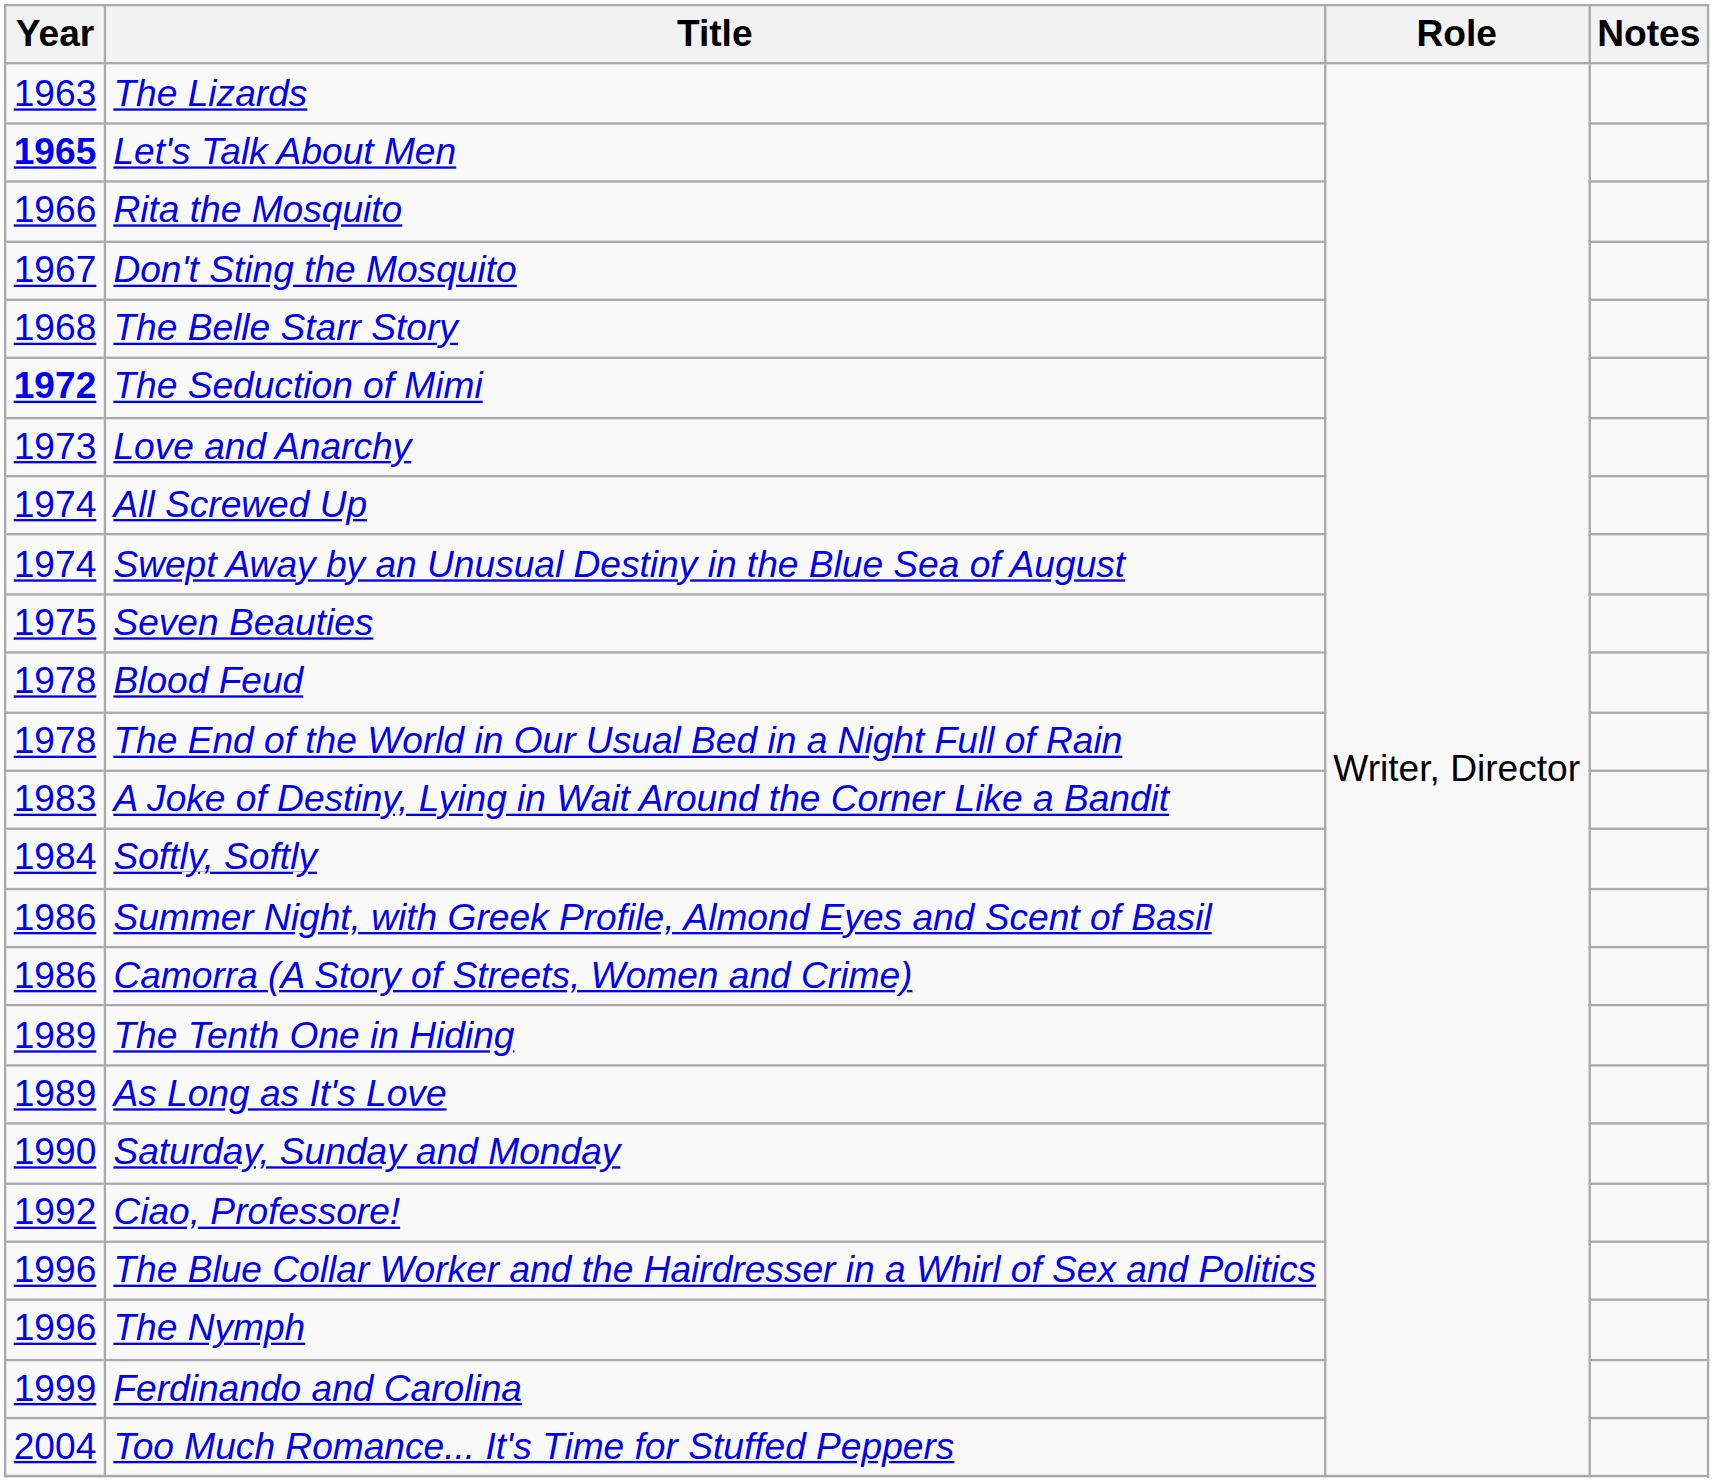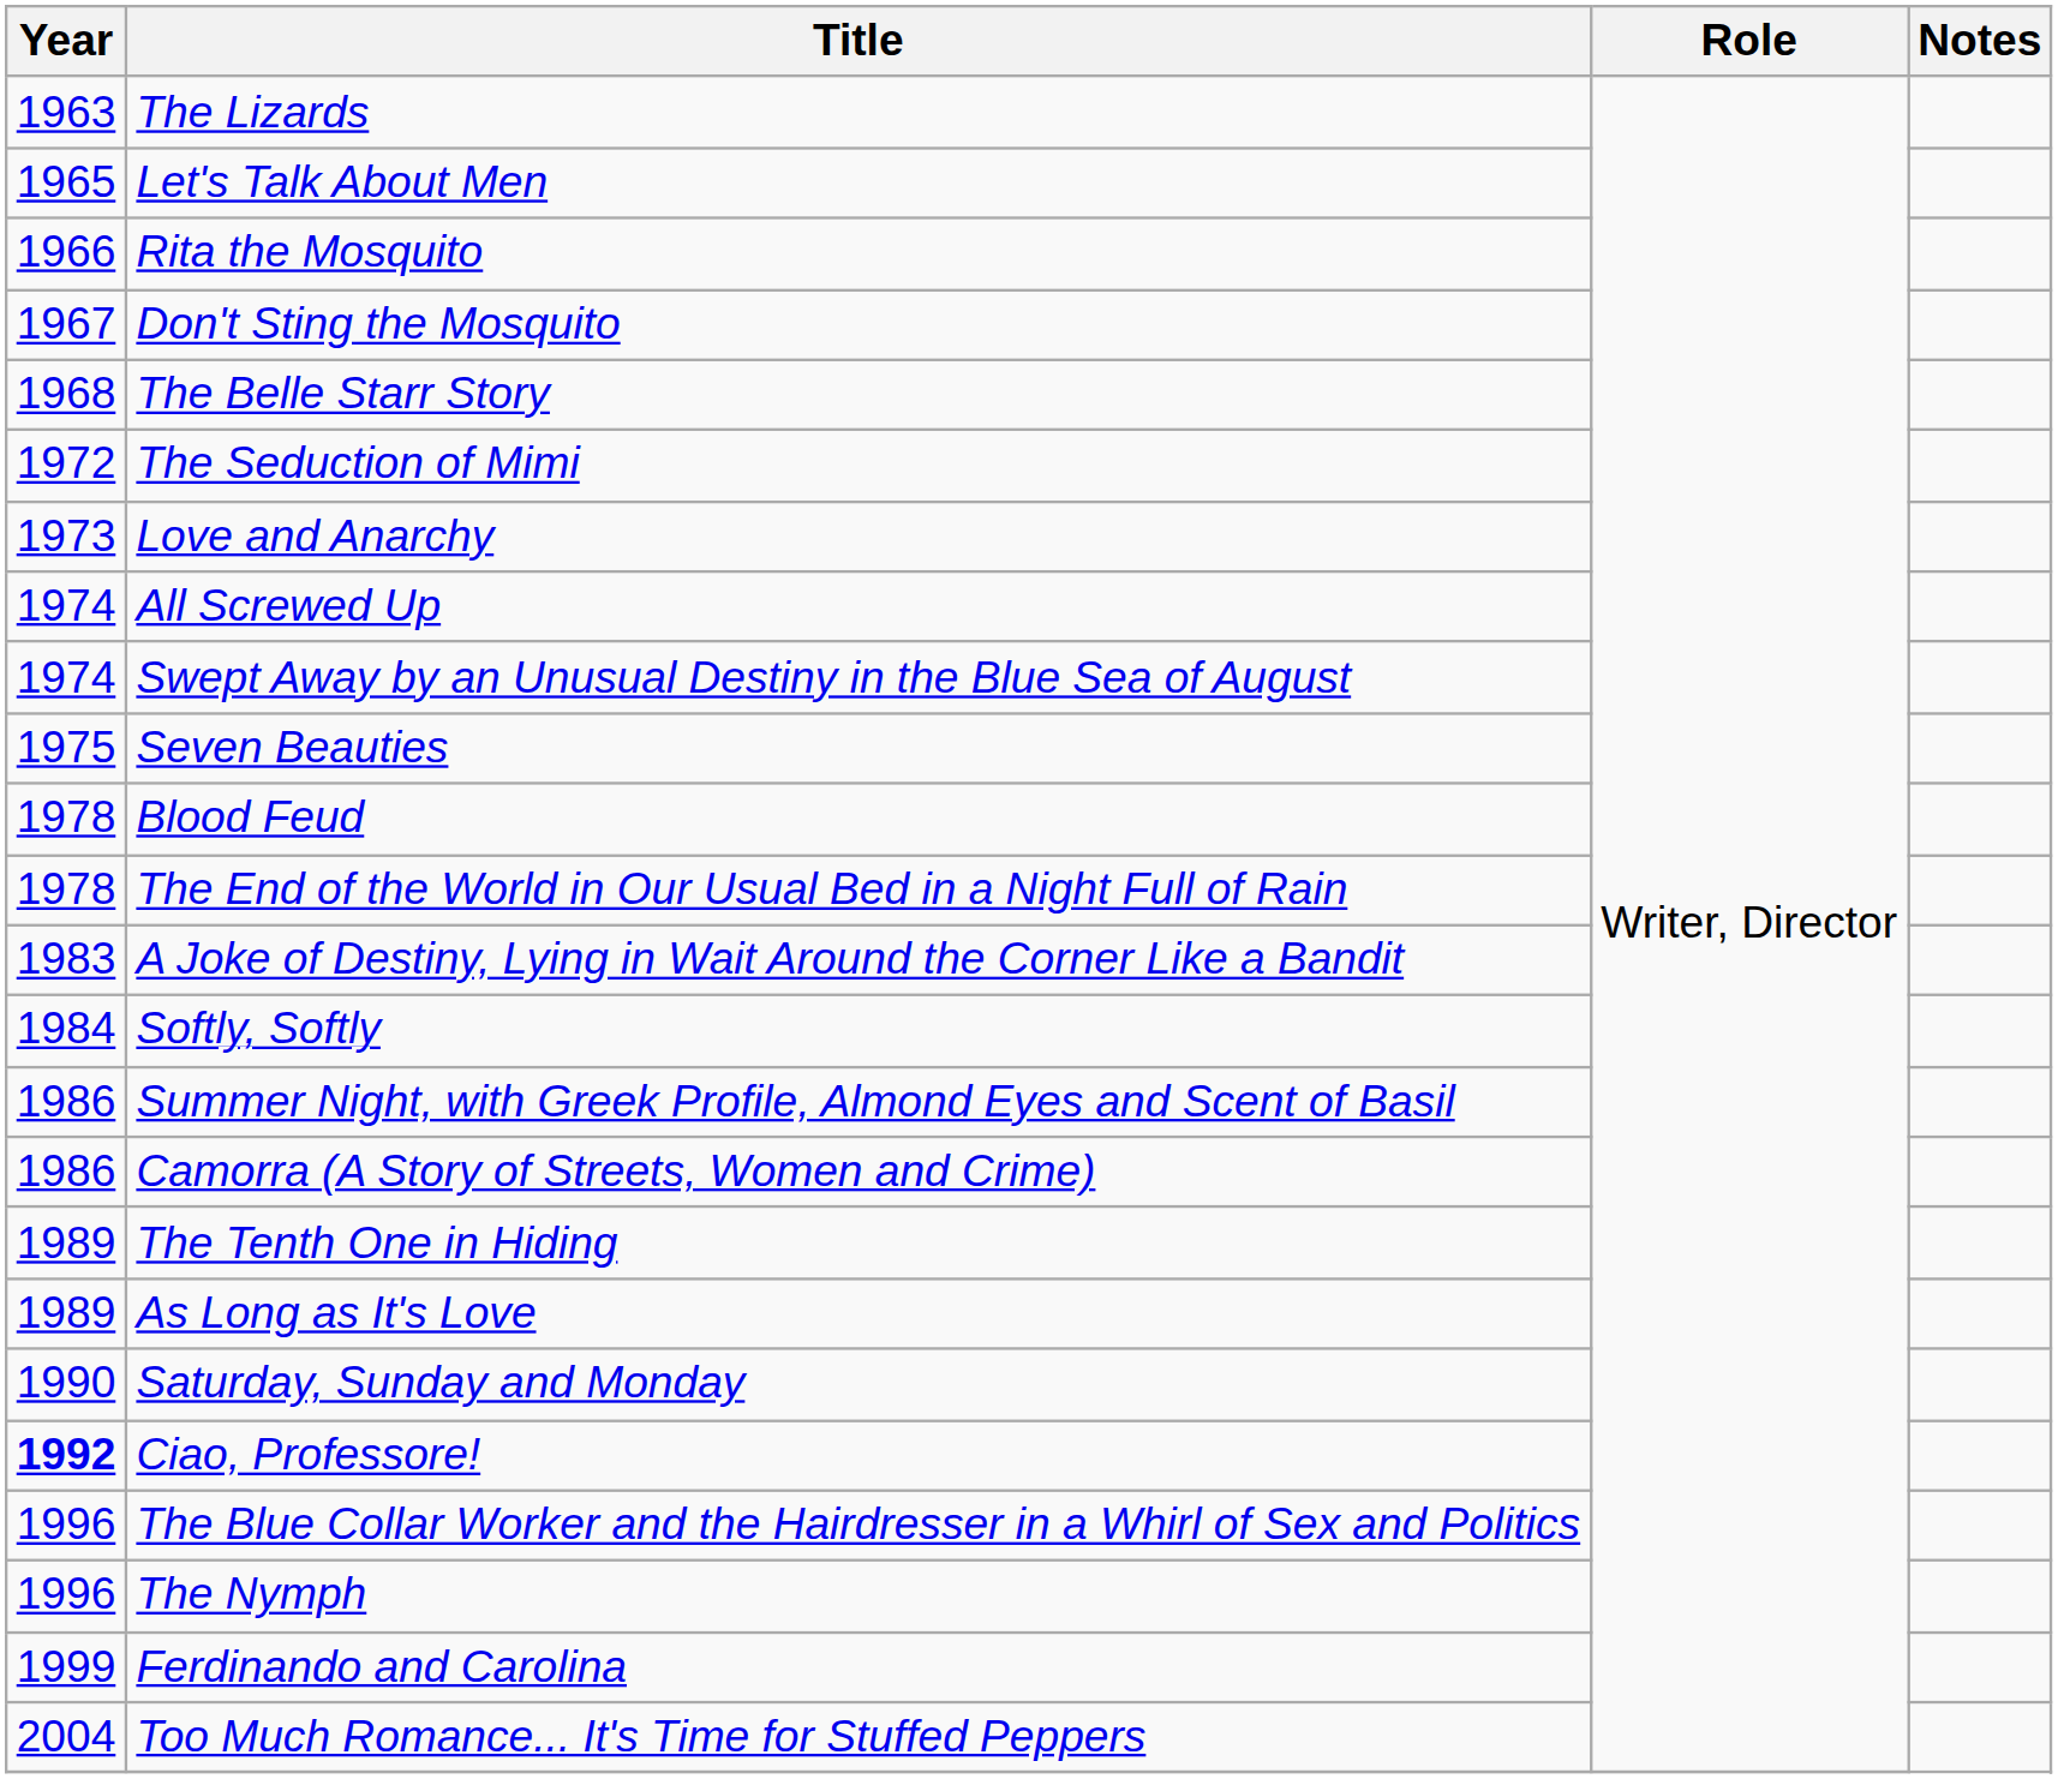 <table class="wikitable">
 <tr>
 <th>Year</th>
 <th>Title</th>
 <th>Role</th>
 <th>Notes</th>
 </tr>
 <tr>
 <td><a href='#'>1963</a></td>
 <td><em><a href='#'>The Lizards</a></em></td>
 <td rowspan="24">Writer, Director</td>
 <td></td>
 </tr>
 <tr>
-<td><strong><a href='#'>1965</a></strong></td>
+<td><a href='#'>1965</a></td>
 <td><em><a href='#'>Let's Talk About Men</a></em></td>
 <td></td>
 </tr>
 <tr>
 <td><a href='#'>1966</a></td>
 <td><em><a href='#'>Rita the Mosquito</a></em></td>
 <td></td>
 </tr>
 <tr>
 <td><a href='#'>1967</a></td>
 <td><em><a href='#'>Don't Sting the Mosquito</a></em></td>
 <td></td>
 </tr>
 <tr>
 <td><a href='#'>1968</a></td>
 <td><em><a href='#'>The Belle Starr Story</a></em></td>
 <td></td>
 </tr>
 <tr>
-<td><strong><a href='#'>1972</a></strong></td>
+<td><a href='#'>1972</a></td>
 <td><em><a href='#'>The Seduction of Mimi</a></em></td>
 <td></td>
 </tr>
 <tr>
 <td><a href='#'>1973</a></td>
 <td><em><a href='#'>Love and Anarchy</a></em></td>
 <td></td>
 </tr>
 <tr>
 <td><a href='#'>1974</a></td>
 <td><em><a href='#'>All Screwed Up</a></em></td>
 <td></td>
 </tr>
 <tr>
 <td><a href='#'>1974</a></td>
 <td><em><a href='#'>Swept Away by an Unusual Destiny in the Blue Sea of August</a></em></td>
 <td></td>
 </tr>
 <tr>
 <td><a href='#'>1975</a></td>
 <td><em><a href='#'>Seven Beauties</a></em></td>
 <td></td>
 </tr>
 <tr>
 <td><a href='#'>1978</a></td>
 <td><em><a href='#'>Blood Feud</a></em></td>
 <td></td>
 </tr>
 <tr>
 <td><a href='#'>1978</a></td>
 <td><em><a href='#'>The End of the World in Our Usual Bed in a Night Full of Rain</a></em></td>
 <td></td>
 </tr>
 <tr>
 <td><a href='#'>1983</a></td>
 <td><em><a href='#'>A Joke of Destiny, Lying in Wait Around the Corner Like a Bandit</a></em></td>
 <td></td>
 </tr>
 <tr>
 <td><a href='#'>1984</a></td>
 <td><em><a href='#'>Softly, Softly</a></em></td>
 <td></td>
 </tr>
 <tr>
 <td><a href='#'>1986</a></td>
 <td><em><a href='#'>Summer Night, with Greek Profile, Almond Eyes and Scent of Basil</a></em></td>
 <td></td>
 </tr>
 <tr>
 <td><a href='#'>1986</a></td>
 <td><em><a href='#'>Camorra (A Story of Streets, Women and Crime)</a></em></td>
 <td></td>
 </tr>
 <tr>
 <td><a href='#'>1989</a></td>
 <td><em><a href='#'>The Tenth One in Hiding</a></em></td>
 <td></td>
 </tr>
 <tr>
 <td><a href='#'>1989</a></td>
 <td><em><a href='#'>As Long as It's Love</a></em></td>
 <td></td>
 </tr>
 <tr>
 <td><a href='#'>1990</a></td>
 <td><em><a href='#'>Saturday, Sunday and Monday</a></em></td>
 <td></td>
 </tr>
 <tr>
-<td><a href='#'>1992</a></td>
+<td><strong><a href='#'>1992</a></strong></td>
 <td><em><a href='#'>Ciao, Professore!</a></em></td>
 <td></td>
 </tr>
 <tr>
 <td><a href='#'>1996</a></td>
 <td><em><a href='#'>The Blue Collar Worker and the Hairdresser in a Whirl of Sex and Politics</a></em></td>
 <td></td>
 </tr>
 <tr>
 <td><a href='#'>1996</a></td>
 <td><em><a href='#'>The Nymph</a></em></td>
 <td></td>
 </tr>
 <tr>
 <td><a href='#'>1999</a></td>
 <td><em><a href='#'>Ferdinando and Carolina</a></em></td>
 <td></td>
 </tr>
 <tr>
 <td><a href='#'>2004</a></td>
 <td><em><a href='#'>Too Much Romance... It's Time for Stuffed Peppers</a></em></td>
 </tr>
 <tr>
 </tr>
 </table>
